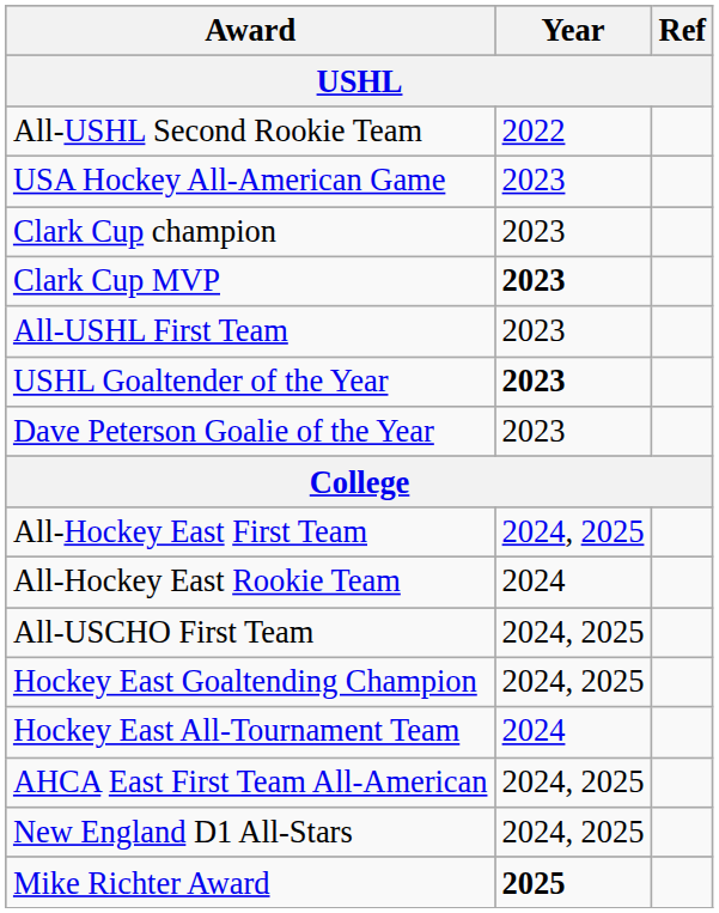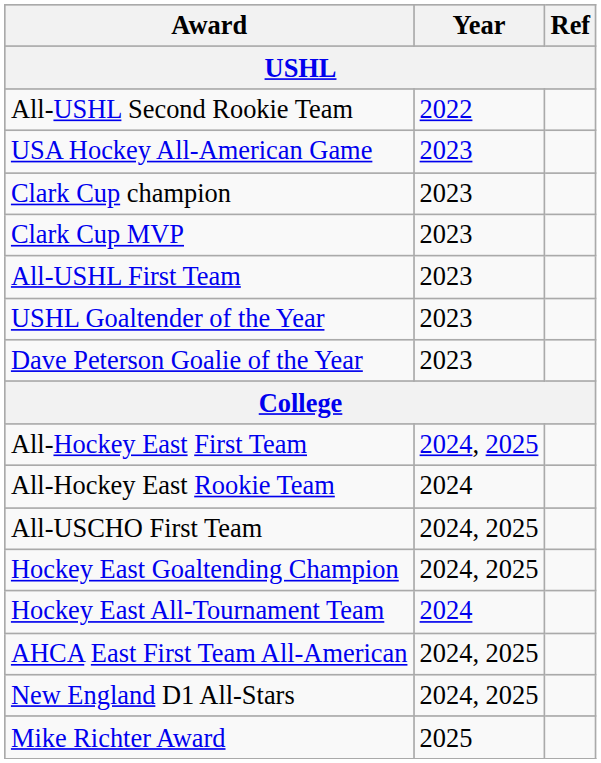 <table class="wikitable">
 <tr>
 <th>Award</th>
 <th>Year</th>
 <th>Ref</th>
 </tr>
 <tr>
 <th colspan="3"><a href='#'>USHL</a></th>
 </tr>
 <tr>
 <td>All-<a href='#'>USHL</a> Second Rookie Team</td>
 <td><a href='#'>2022</a></td>
 <td></td>
 </tr>
 <tr>
 <td><a href='#'>USA Hockey All-American Game</a></td>
 <td><a href='#'>2023</a></td>
 <td></td>
 </tr>
 <tr>
 <td><a href='#'>Clark Cup</a> champion</td>
 <td>2023</td>
 <td></td>
 </tr>
 <tr>
 <td><a href='#'>Clark Cup MVP</a></td>
-<td><strong>2023</strong></td>
+<td>2023</td>
 <td></td>
 </tr>
 <tr>
 <td><a href='#'>All-USHL First Team</a></td>
 <td>2023</td>
 <td></td>
 </tr>
 <tr>
 <td><a href='#'>USHL Goaltender of the Year</a></td>
-<td><strong>2023</strong></td>
+<td>2023</td>
 <td></td>
 </tr>
 <tr>
 <td><a href='#'>Dave Peterson Goalie of the Year</a></td>
 <td>2023</td>
 <td></td>
 </tr>
 <tr>
 <th colspan="3"><a href='#'>College</a></th>
 </tr>
 <tr>
 <td>All-<a href='#'>Hockey East</a> <a href='#'>First Team</a></td>
 <td><a href='#'>2024</a>, <a href='#'>2025</a></td>
 <td></td>
 </tr>
 <tr>
 <td>All-Hockey East <a href='#'>Rookie Team</a></td>
 <td>2024</td>
 <td></td>
 </tr>
 <tr>
 <td>All-USCHO First Team</td>
 <td>2024, 2025</td>
 <td></td>
 </tr>
 <tr>
 <td><a href='#'>Hockey East Goaltending Champion</a></td>
 <td>2024, 2025</td>
 <td></td>
 </tr>
 <tr>
 <td><a href='#'>Hockey East All-Tournament Team</a></td>
 <td><a href='#'>2024</a></td>
 <td></td>
 </tr>
 <tr>
 <td><a href='#'>AHCA</a> <a href='#'>East First Team All-American</a></td>
 <td>2024, 2025</td>
 <td></td>
 </tr>
 <tr>
 <td><a href='#'>New England</a> D1 All-Stars</td>
 <td>2024, 2025</td>
 <td></td>
 </tr>
 <tr>
 <td><a href='#'>Mike Richter Award</a></td>
-<td><strong>2025</strong></td>
+<td>2025</td>
 <td></td>
 </tr>
 <tr>
 </tr>
 </table>
